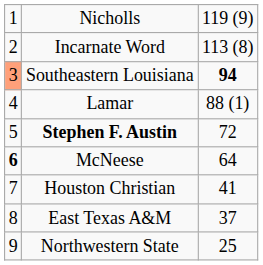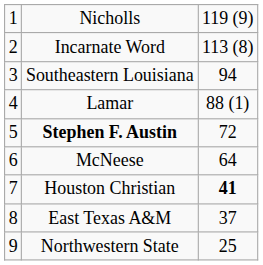 <table class="wikitable">
 <tr align="center">
 <td>1</td>
 <td>Nicholls</td>
 <td>119 (9)</td>
 </tr>
 <tr align="center">
 <td>2</td>
 <td>Incarnate Word</td>
 <td>113 (8)</td>
 </tr>
 <tr align="center">
-<td style="background: lightsalmon;">3</td>
+<td>3</td>
 <td>Southeastern Louisiana</td>
-<td><strong>94</strong></td>
+<td>94</td>
 </tr>
 <tr align="center">
 <td>4</td>
 <td>Lamar</td>
 <td>88 (1)</td>
 </tr>
 <tr align="center">
 <td>5</td>
 <td><strong>Stephen F. Austin</strong></td>
 <td>72</td>
 </tr>
 <tr align="center">
-<td><strong>6</strong></td>
+<td>6</td>
 <td>McNeese</td>
 <td>64</td>
 </tr>
 <tr align="center">
 <td>7</td>
 <td>Houston Christian</td>
-<td>41</td>
+<td><strong>41</strong></td>
 </tr>
 <tr align="center">
 <td>8</td>
 <td>East Texas A&M</td>
 <td>37</td>
 </tr>
 <tr align="center">
 <td>9</td>
 <td>Northwestern State</td>
 <td>25</td>
 </tr>
 </table>
